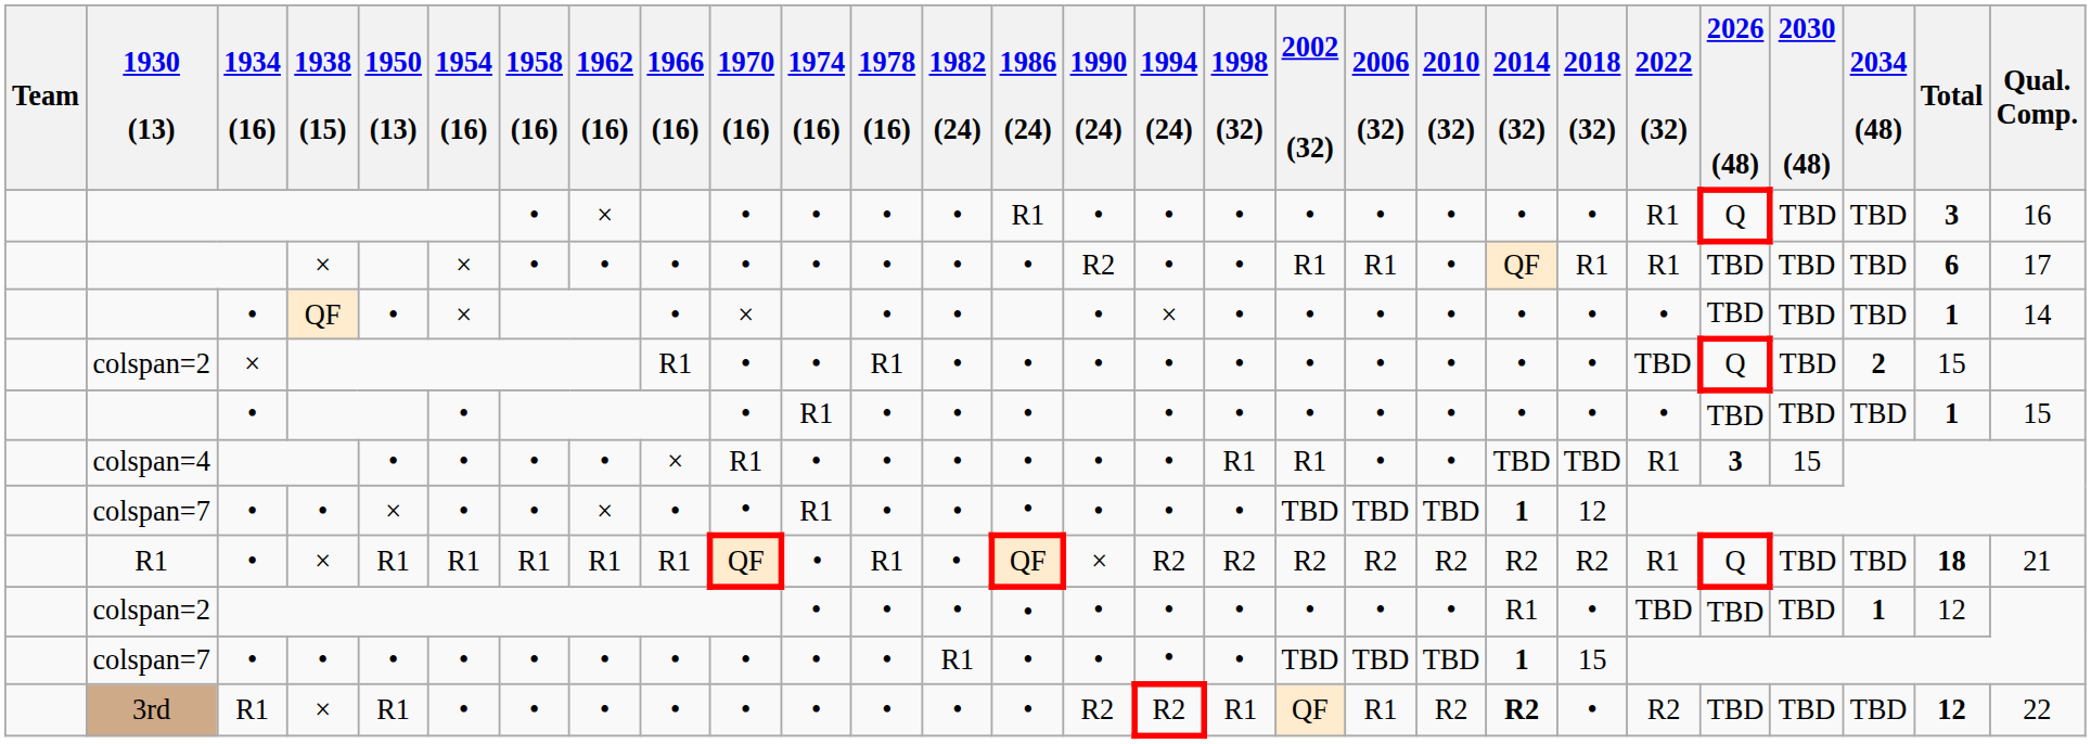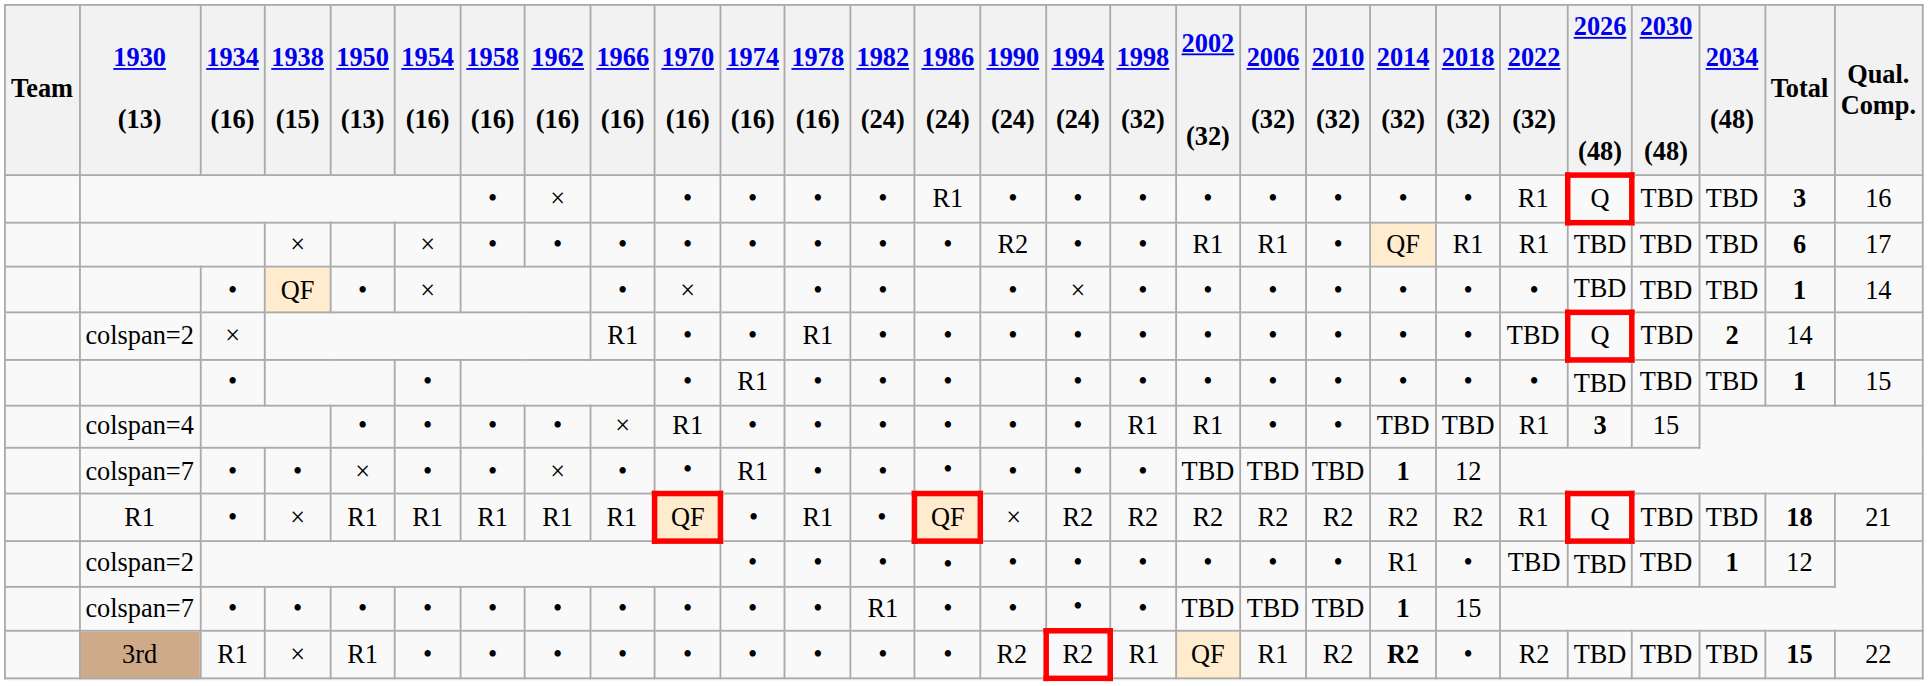 <table class="wikitable" style="text-align: center; font-size:90%;">
 <tr>
 <th>Team</th>
 <th><a href='#'>1930</a><br><br>(13)</th>
 <th><a href='#'>1934</a><br><br>(16)</th>
 <th><a href='#'>1938</a><br><br>(15)</th>
 <th><a href='#'>1950</a><br><br>(13)</th>
 <th><a href='#'>1954</a><br><br>(16)</th>
 <th><a href='#'>1958</a><br><br>(16)</th>
 <th><a href='#'>1962</a><br><br>(16)</th>
 <th><a href='#'>1966</a><br><br>(16)</th>
 <th><a href='#'>1970</a><br><br>(16)</th>
 <th><a href='#'>1974</a><br><br>(16)</th>
 <th><a href='#'>1978</a><br><br>(16)</th>
 <th><a href='#'>1982</a><br><br>(24)</th>
 <th><a href='#'>1986</a><br><br>(24)</th>
 <th><a href='#'>1990</a><br><br>(24)</th>
 <th><a href='#'>1994</a><br><br>(24)</th>
 <th><a href='#'>1998</a><br><br>(32)</th>
 <th><a href='#'>2002</a><br><br><br>(32)</th>
 <th><a href='#'>2006</a><br><br>(32)</th>
 <th><a href='#'>2010</a><br><br>(32)</th>
 <th><a href='#'>2014</a><br><br>(32)</th>
 <th><a href='#'>2018</a><br><br>(32)</th>
 <th><a href='#'>2022</a><br><br>(32)</th>
 <th><a href='#'>2026</a><br><br><br><br>(48)</th>
 <th><a href='#'>2030</a><br> <br><br><br> (48)</th>
 <th><a href='#'>2034</a><br> <br> (48)</th>
 <th>Total</th>
 <th>Qual.<br>Comp.</th>
 </tr>
 <tr>
 <td align=left></td>
 <td colspan=5></td>
 <td>•</td>
 <td>×</td>
 <td></td>
 <td>•</td>
 <td>•</td>
 <td>•</td>
 <td>•</td>
 <td>R1<br></td>
 <td>•</td>
 <td>•</td>
 <td>•</td>
 <td>•</td>
 <td>•</td>
 <td>•</td>
 <td>•</td>
 <td>•</td>
 <td>R1<br></td>
 <td style="border:3px solid red">Q</td>
 <td>TBD</td>
 <td>TBD</td>
 <td><strong>3</strong></td>
 <td>16</td>
 </tr>
 <tr>
 <td align=left></td>
 <td colspan=2></td>
 <td>×</td>
 <td></td>
 <td>×</td>
 <td>•</td>
 <td>•</td>
 <td>•</td>
 <td>•</td>
 <td>•</td>
 <td>•</td>
 <td>•</td>
 <td>•</td>
 <td>R2<br></td>
 <td>•</td>
 <td>•</td>
 <td>R1<br></td>
 <td>R1<br></td>
 <td>•</td>
 <td bgcolor=#ffebcd>QF<br></td>
 <td>R1<br></td>
 <td>R1<br></td>
 <td>TBD</td>
 <td>TBD</td>
 <td>TBD</td>
 <td><strong>6</strong></td>
 <td>17</td>
 </tr>
 <tr>
 <td align=left></td>
 <td></td>
 <td>•</td>
 <td bgcolor=#ffebcd>QF<br></td>
 <td>•</td>
 <td>×</td>
 <td colspan=2></td>
 <td>•</td>
 <td>×</td>
 <td></td>
 <td>•</td>
 <td>•</td>
 <td></td>
 <td>•</td>
 <td>×</td>
 <td>•</td>
 <td>•</td>
 <td>•</td>
 <td>•</td>
 <td>•</td>
 <td>•</td>
 <td>•</td>
 <td>TBD</td>
 <td>TBD</td>
 <td>TBD</td>
 <td><strong>1</strong></td>
 <td>14</td>
 </tr>
 <tr>
 <td align=left></td>
 <td>colspan=2 </td>
 <td>×</td>
 <td colspan=5></td>
 <td>R1<br></td>
 <td>•</td>
 <td>•</td>
 <td>R1<br></td>
 <td>•</td>
 <td>•</td>
 <td>•</td>
 <td>•</td>
 <td>•</td>
 <td>•</td>
 <td>•</td>
 <td>•</td>
 <td>•</td>
 <td>•</td>
 <td>TBD</td>
 <td style="border:3px solid red">Q</td>
 <td>TBD</td>
 <td><strong>2</strong></td>
-<td>15</td>
+<td>14</td>
 </tr>
 <tr>
 <td align=left></td>
 <td></td>
 <td>•</td>
 <td colspan=2></td>
 <td>•</td>
 <td colspan=3></td>
 <td>•</td>
 <td>R1<br></td>
 <td>•</td>
 <td>•</td>
 <td>•</td>
 <td></td>
 <td>•</td>
 <td>•</td>
 <td>•</td>
 <td>•</td>
 <td>•</td>
 <td>•</td>
 <td>•</td>
 <td>•</td>
 <td>TBD</td>
 <td>TBD</td>
 <td>TBD</td>
 <td><strong>1</strong></td>
 <td>15</td>
 </tr>
 <tr>
 <td align=left></td>
 <td>colspan=4 </td>
 <td colspan=2></td>
 <td>•</td>
 <td>•</td>
 <td>•</td>
 <td>•</td>
 <td>×</td>
 <td>R1<br></td>
 <td>•</td>
 <td>•</td>
 <td>•</td>
 <td>•</td>
 <td>•</td>
 <td>•</td>
 <td>R1<br></td>
 <td>R1<br></td>
 <td>•</td>
 <td>•</td>
 <td>TBD</td>
 <td>TBD</td>
 <td>R1<br></td>
 <td><strong>3</strong></td>
 <td>15</td>
 </tr>
 <tr>
 <td align=left></td>
 <td>colspan=7 </td>
 <td>•</td>
 <td>•</td>
 <td>×</td>
 <td>•</td>
 <td>•</td>
 <td>×</td>
 <td>•</td>
 <td>•</td>
 <td>R1<br></td>
 <td>•</td>
 <td>•</td>
 <td>•</td>
 <td>•</td>
 <td>•</td>
 <td>•</td>
 <td>TBD</td>
 <td>TBD</td>
 <td>TBD</td>
 <td><strong>1</strong></td>
 <td>12</td>
 </tr>
 <tr>
 <td align=left></td>
 <td>R1<br></td>
 <td>•</td>
 <td>×</td>
 <td>R1<br></td>
 <td>R1<br></td>
 <td>R1<br></td>
 <td>R1<br></td>
 <td>R1<br></td>
 <td bgcolor="#ffebcd" style="border:3px solid red">QF<br></td>
 <td>•</td>
 <td>R1<br></td>
 <td>•</td>
 <td bgcolor="#ffebcd" style="border:3px solid red">QF<br></td>
 <td>×</td>
 <td>R2<br></td>
 <td>R2<br></td>
 <td>R2<br></td>
 <td>R2<br></td>
 <td>R2<br></td>
 <td>R2<br></td>
 <td>R2<br></td>
 <td>R1<br></td>
 <td style="border:3px solid red">Q</td>
 <td>TBD</td>
 <td>TBD</td>
 <td><strong>18</strong></td>
 <td>21</td>
 </tr>
 <tr>
 <td align=left></td>
 <td>colspan=2 </td>
 <td colspan=8></td>
 <td>•</td>
 <td>•</td>
 <td>•</td>
 <td>•</td>
 <td>•</td>
 <td>•</td>
 <td>•</td>
 <td>•</td>
 <td>•</td>
 <td>•</td>
 <td>R1<br></td>
 <td>•</td>
 <td>TBD</td>
 <td>TBD</td>
 <td>TBD</td>
 <td><strong>1</strong></td>
 <td>12</td>
 </tr>
 <tr>
 <td align=left></td>
 <td>colspan=7 </td>
 <td>•</td>
 <td>•</td>
 <td>•</td>
 <td>•</td>
 <td>•</td>
 <td>•</td>
 <td>•</td>
 <td>•</td>
 <td>•</td>
 <td>•</td>
 <td>R1<br></td>
 <td>•</td>
 <td>•</td>
 <td>•</td>
 <td>•</td>
 <td>TBD</td>
 <td>TBD</td>
 <td>TBD</td>
 <td><strong>1</strong></td>
 <td>15</td>
 </tr>
 <tr>
 <td align=left></td>
 <td bgcolor="#CFAA88">3rd</td>
 <td>R1<br></td>
 <td>×</td>
 <td>R1<br></td>
 <td>•</td>
 <td>•</td>
 <td>•</td>
 <td>•</td>
 <td>•</td>
 <td>•</td>
 <td>•</td>
 <td>•</td>
 <td>•</td>
 <td>R2<br></td>
 <td style="border:3px solid red">R2<br></td>
 <td>R1<br></td>
 <td bgcolor=#ffebcd>QF<br></td>
 <td>R1<br></td>
 <td>R2<br></td>
 <td><strong>R2<br></strong></td>
 <td>•</td>
 <td>R2<br></td>
 <td>TBD</td>
 <td>TBD</td>
 <td>TBD</td>
-<td><strong>12</strong></td>
+<td><strong>15</strong></td>
 <td>22</td>
 </tr>
 </table>
